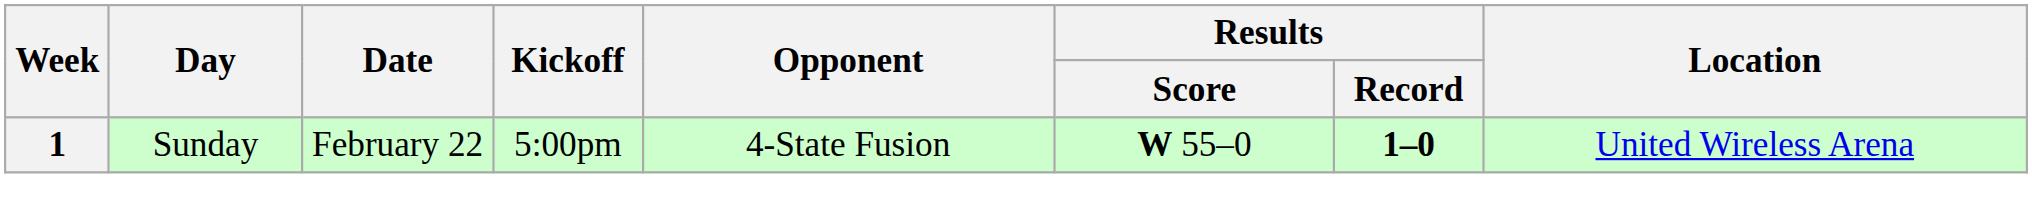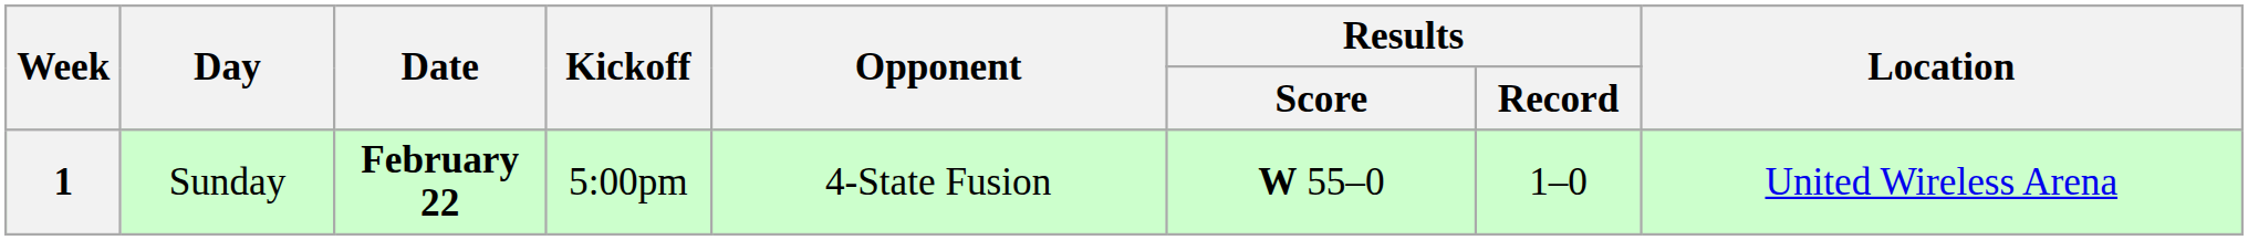 <table class="wikitable">
 <tr>
 <th rowspan="2" width="40">Week</th>
 <th rowspan="2" width="80">Day</th>
 <th rowspan="2" width="80">Date</th>
 <th rowspan="2" width="60">Kickoff</th>
 <th rowspan="2" width="180">Opponent</th>
 <th colspan="2" width="180">Results</th>
 <th rowspan="2" width="240">Location</th>
 </tr>
 <tr>
 <th width="120">Score</th>
 <th width="60">Record</th>
 </tr>
 <tr align="center" bgcolor="#CCFFCC">
 <th>1</th>
 <td>Sunday</td>
-<td>February 22</td>
+<td><strong>February 22</strong></td>
 <td>5:00pm</td>
 <td>4-State Fusion</td>
 <td><strong>W</strong> 55–0</td>
-<td><strong>1–0</strong></td>
+<td>1–0</td>
 <td><a href='#'>United Wireless Arena</a></td>
 </tr>
 </table>
